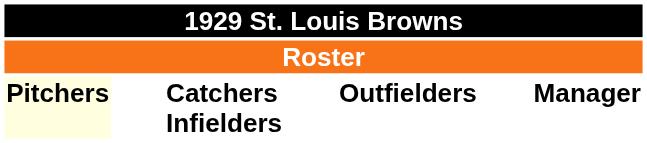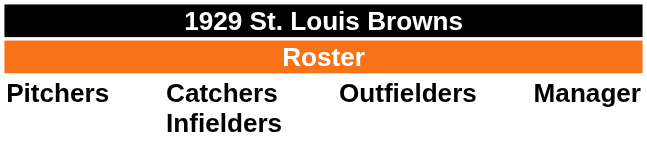 <table class="toccolours" style="font-size: 95%;">
 <tr>
 <th colspan="10" style="background-color: black; color: white; text-align: center;">1929 St. Louis Browns</th>
 </tr>
 <tr>
 <td colspan="10" style="background-color: #F87217; color: white; text-align: center;"><strong>Roster</strong></td>
 </tr>
 <tr>
-<td valign="top" style="background: lightyellow;"><strong>Pitchers</strong><br>            </td>
+<td valign="top"><strong>Pitchers</strong><br>            </td>
 <td width="25px"></td>
 <td valign="top"><strong>Catchers</strong><br>   <strong>Infielders</strong>        </td>
 <td width="25px"></td>
 <td valign="top"><strong>Outfielders</strong><br>     </td>
 <td width="25px"></td>
 <td valign="top"><strong>Manager</strong><br></td>
 </tr>
 <tr>
 </tr>
 </table>
